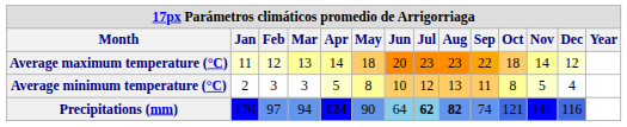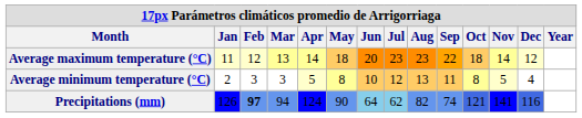 <table class="wikitable collapsible" align="center" style="margin:1em auto; font-size:90%;border:0px;text-align:center;line-height:120%">
 <tr>
 <th colspan="14" style="background: #DDDDDD;"><a href='#'>17px</a> <strong>Parámetros climáticos promedio de Arrigorriaga</strong></th>
 </tr>
 <tr style="color:#000080;">
 <th>Month</th>
 <th>Jan</th>
 <th>Feb</th>
 <th>Mar</th>
 <th>Apr</th>
 <th>May</th>
 <th>Jun</th>
 <th>Jul</th>
 <th>Aug</th>
 <th>Sep</th>
 <th>Oct</th>
 <th>Nov</th>
 <th>Dec</th>
 <th>Year</th>
 </tr>
 <tr>
 <th style="background: #F0F0F0; color:#000080;">Average maximum temperature (<a href='#'>°C</a>)</th>
 <td style="background: #FFFFCC; color:#000000;">11</td>
 <td style="background: #FFFFCC; color:#000000;">12</td>
 <td style="background: #FFFF99; color:#000000;">13</td>
 <td style="background: #FFFF99; color:#000000;">14</td>
 <td style="background: #FFCC66; color:#000000;">18</td>
 <td style="background: #FF8C00; color:#000000;">20</td>
 <td style="background: #FF8C00; color:#000000;">23</td>
 <td style="background: #FF8C00; color:#000000;">23</td>
 <td style="background: #FFA500; color:#000000;">22</td>
 <td style="background: #FFCC66; color:#000000;">18</td>
 <td style="background: #FFFF99; color:#000000;">14</td>
 <td style="background: #FFFFCC; color:#000000;">12</td>
 <td style="background: #FFFFFF; color:#000000;"></td>
 </tr>
 <tr>
 <th style="background: #F0F0F0; color:#000080">Average minimum temperature (<a href='#'>°C</a>)</th>
 <td style="background: #FFFFFF; color: black;">2</td>
 <td style="background: #FFFFFF; color: black;">3</td>
 <td style="background: #FFFFFF; color: black;">3</td>
 <td style="background: #FFFFCC; color: black;">5</td>
 <td style="background: #FFFF99; color: black;">8</td>
 <td style="background: #FFCC66; color: black;">10</td>
 <td style="background: #FFCC66; color: black;">12</td>
 <td style="background: #FFCC66; color: black;">13</td>
 <td style="background: #FFCC66; color: black;">11</td>
 <td style="background: #FFFF99; color: black;">8</td>
 <td style="background: #FFFFCC; color: black;">5</td>
 <td style="background: #ffffff; color: black;">4</td>
 <td style="background: #ffffff; color: black;"></td>
 </tr>
 <tr>
 <th style="background: #F0F0F0; color:#000080;">Precipitations (<a href='#'>mm</a>)</th>
 <td style="background: #0000FF;">126</td>
-<td style="background: #6495ED;">97</td>
+<td style="background: #6495ED;"><strong>97</strong></td>
 <td style="background: #6495ED;">94</td>
-<td style="background: #0000FF;"><strong>124</strong></td>
+<td style="background: #0000FF;">124</td>
 <td style="background: #6495ED;">90</td>
 <td style="background: #87CEEB;">64</td>
-<td style="background: #87CEEB;"><strong>62</strong></td>
-<td style="background: #6495ED;"><strong>82</strong></td>
+<td style="background: #87CEEB;">62</td>
+<td style="background: #6495ED;">82</td>
 <td style="background: #6495ED;">74</td>
 <td style="background: #4169E1;">121</td>
 <td style="background: #0000FF;">141</td>
 <td style="background: #4169E1;">116</td>
 <td style="background: #FFFFFF;"></td>
 </tr>
 </table>
